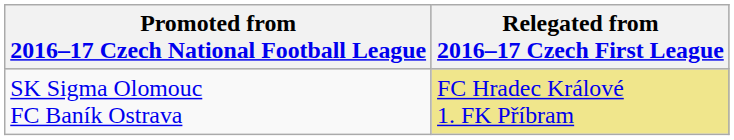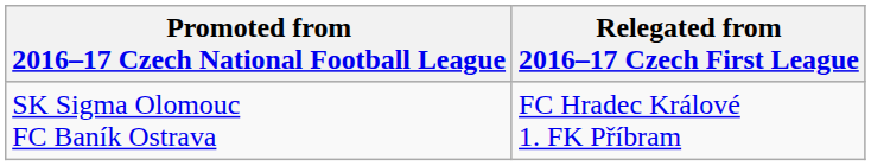 <table class="wikitable">
 <tr>
 <th>Promoted from<br><a href='#'>2016–17 Czech National Football League</a></th>
 <th>Relegated from<br><a href='#'>2016–17 Czech First League</a></th>
 </tr>
 <tr>
 <td><a href='#'>SK Sigma Olomouc</a><br><a href='#'>FC Baník Ostrava</a></td>
-<td style="background: khaki;"><a href='#'>FC Hradec Králové</a><br><a href='#'>1. FK Příbram</a></td>
+<td><a href='#'>FC Hradec Králové</a><br><a href='#'>1. FK Příbram</a></td>
 </tr>
 </table>
